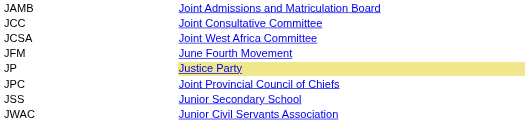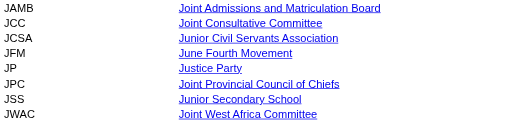 <table width="100%" style="text-verticalalign:top">
 <tr>
 <td width="20%">JAMB</td>
 <td width="40%"><a href='#'>Joint Admissions and Matriculation Board</a></td>
 <td width="40%"></td>
 </tr>
 <tr>
 <td>JCC</td>
 <td><a href='#'>Joint Consultative Committee</a></td>
 <td></td>
 </tr>
 <tr>
 <td>JCSA</td>
-<td><a href='#'>Joint West Africa Committee</a></td>
+<td><a href='#'>Junior Civil Servants Association</a></td>
 <td></td>
 </tr>
 <tr>
 <td>JFM</td>
 <td><a href='#'>June Fourth Movement</a></td>
 <td></td>
 </tr>
 <tr>
 <td>JP</td>
-<td style="background: khaki;"><a href='#'>Justice Party</a></td>
+<td><a href='#'>Justice Party</a></td>
 <td></td>
 </tr>
 <tr>
 <td>JPC</td>
 <td><a href='#'>Joint Provincial Council of Chiefs</a></td>
 <td></td>
 </tr>
 <tr>
 <td>JSS</td>
 <td><a href='#'>Junior Secondary School</a></td>
 <td></td>
 </tr>
 <tr>
 <td>JWAC</td>
-<td><a href='#'>Junior Civil Servants Association</a></td>
+<td><a href='#'>Joint West Africa Committee</a></td>
 <td></td>
 </tr>
 </table>
